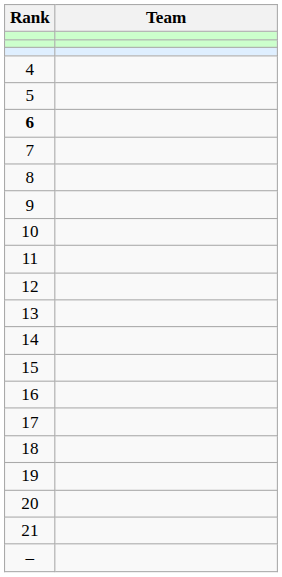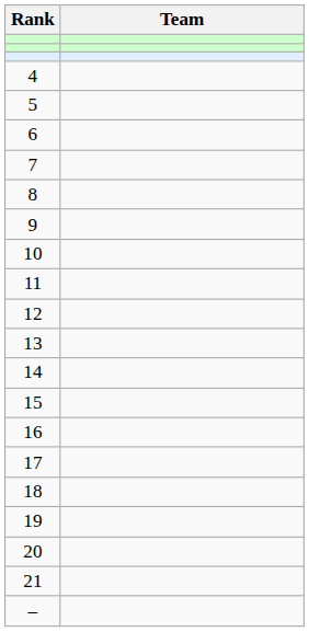 <table class="wikitable" style="text-align:center">
 <tr>
 <th width=40>Rank</th>
 <th width=200>Team</th>
 </tr>
 <tr bgcolor=#ccffcc>
 <td></td>
 <td style="text-align:left"></td>
 </tr>
 <tr bgcolor=#ccffcc>
 <td></td>
 <td style="text-align:left"></td>
 </tr>
 <tr bgcolor=#dfefff>
 <td></td>
 <td style="text-align:left"></td>
 </tr>
 <tr>
 <td>4</td>
 <td style="text-align:left"></td>
 </tr>
 <tr>
 <td>5</td>
 <td style="text-align:left"></td>
 </tr>
 <tr>
-<td><strong>6</strong></td>
+<td>6</td>
 <td style="text-align:left"></td>
 </tr>
 <tr>
 <td>7</td>
 <td style="text-align:left"></td>
 </tr>
 <tr>
 <td>8</td>
 <td style="text-align:left"></td>
 </tr>
 <tr>
 <td>9</td>
 <td style="text-align:left"></td>
 </tr>
 <tr>
 <td>10</td>
 <td style="text-align:left"></td>
 </tr>
 <tr>
 <td>11</td>
 <td style="text-align:left"></td>
 </tr>
 <tr>
 <td>12</td>
 <td style="text-align:left"></td>
 </tr>
 <tr>
 <td>13</td>
 <td style="text-align:left"></td>
 </tr>
 <tr>
 <td>14</td>
 <td style="text-align:left"></td>
 </tr>
 <tr>
 <td>15</td>
 <td style="text-align:left"></td>
 </tr>
 <tr>
 <td>16</td>
 <td style="text-align:left"></td>
 </tr>
 <tr>
 <td>17</td>
 <td style="text-align:left"></td>
 </tr>
 <tr>
 <td>18</td>
 <td style="text-align:left"></td>
 </tr>
 <tr>
 <td>19</td>
 <td style="text-align:left"></td>
 </tr>
 <tr>
 <td>20</td>
 <td style="text-align:left"></td>
 </tr>
 <tr>
 <td>21</td>
 <td style="text-align:left"></td>
 </tr>
 <tr>
 <td>–</td>
 <td style="text-align:left"></td>
 </tr>
 </table>
